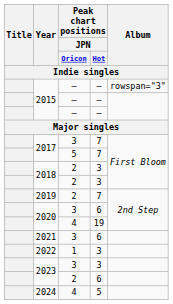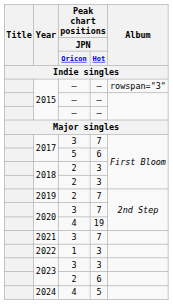 <table class="wikitable plainrowheaders" style="text-align:center;">
 <tr>
 <th scope="col" rowspan="3">Title</th>
 <th scope="col" rowspan="3">Year</th>
 <th scope="col" colspan="2">Peak <br> chart <br> positions</th>
 <th scope="col" rowspan="3">Album</th>
 </tr>
 <tr>
 <th colspan="2">JPN</th>
 </tr>
 <tr>
 <th scope="col" colspan="1"><small><a href='#'>Oricon</a></small></th>
 <th scope="col" colspan="1"><small><a href='#'>Hot</a></small></th>
 </tr>
 <tr>
 <th colspan="5">Indie singles</th>
 </tr>
 <tr>
 <th scope="row"></th>
 <td rowspan="3">2015</td>
 <td>—</td>
 <td>—</td>
 <td>rowspan="3" </td>
 </tr>
 <tr>
 <th scope="row"></th>
 <td>—</td>
 <td>—</td>
 </tr>
 <tr>
 <th scope="row"></th>
 <td>—</td>
 <td>—</td>
 </tr>
 <tr>
 <th colspan="5">Major singles</th>
 </tr>
 <tr>
 <th scope="row"></th>
 <td rowspan="2">2017</td>
 <td>3</td>
 <td>7</td>
 <td rowspan="4"><em>First Bloom</em></td>
 </tr>
 <tr>
 <th scope="row"></th>
 <td>5</td>
-<td>7</td>
+<td>6</td>
 </tr>
 <tr>
 <th scope="row"></th>
 <td rowspan="2">2018</td>
 <td>2</td>
 <td>3</td>
 </tr>
 <tr>
 <th scope="row"></th>
 <td>2</td>
 <td>3</td>
 </tr>
 <tr>
 <th scope="row"></th>
 <td>2019</td>
 <td>2</td>
 <td>7</td>
 <td rowspan="3"><em>2nd Step</em></td>
 </tr>
 <tr>
 <th scope="row"></th>
 <td rowspan="2">2020</td>
 <td>3</td>
-<td>6</td>
+<td>7</td>
 </tr>
 <tr>
 <th scope="row"></th>
 <td>4</td>
 <td>19</td>
 </tr>
 <tr>
 <th scope="row"></th>
 <td>2021</td>
 <td>3</td>
-<td>6</td>
+<td>7</td>
 <td></td>
 </tr>
 <tr>
 <th scope="row"></th>
 <td>2022</td>
 <td>1</td>
 <td>3</td>
 <td></td>
 </tr>
 <tr>
 <th scope="row"></th>
 <td rowspan="2">2023</td>
 <td>3</td>
 <td>3</td>
 <td></td>
 </tr>
 <tr>
 <th scope="row"></th>
 <td>2</td>
 <td>6</td>
 <td></td>
 </tr>
 <tr>
 <th scope="row"></th>
 <td>2024</td>
 <td>4</td>
 <td>5</td>
 <td></td>
 </tr>
 </table>
